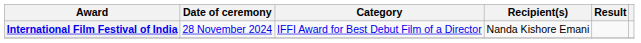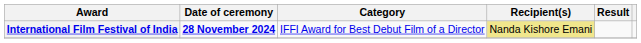 <table class="wikitable plainrowheaders sortable">
 <tr>
 <th scope="col">Award</th>
 <th scope="col">Date of ceremony</th>
 <th scope="col">Category</th>
 <th scope="col">Recipient(s)</th>
 <th scope="col">Result</th>
 <th scope="col" class="unsortable"></th>
 </tr>
 <tr>
 <th rowspan="1" scope="row"><a href='#'>International Film Festival of India</a></th>
-<td rowspan="1"><a href='#'>28 November 2024</a></td>
+<td rowspan="1"><strong><a href='#'>28 November 2024</a></strong></td>
 <td><a href='#'>IFFI Award for Best Debut Film of a Director</a></td>
-<td>Nanda Kishore Emani</td>
+<td style="background: khaki;">Nanda Kishore Emani</td>
 <td></td>
 <td rowspan="1"></td>
 </tr>
 <tr>
 </tr>
 </table>
